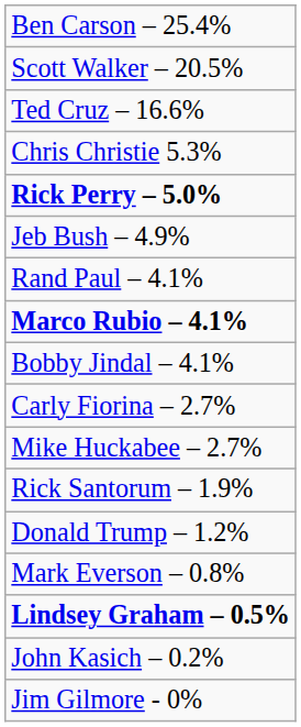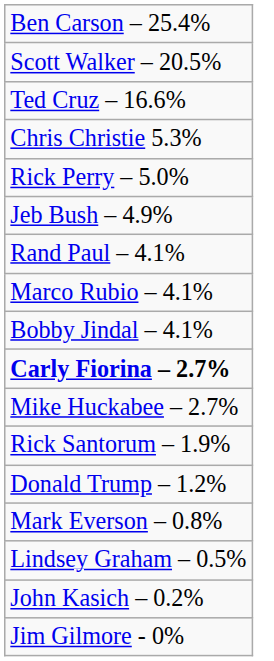 <table class="wikitable sortable">
 <tr>
 <td><a href='#'>Ben Carson</a> – 25.4%</td>
 </tr>
 <tr>
 <td><a href='#'>Scott Walker</a> – 20.5%</td>
 </tr>
 <tr>
 <td><a href='#'>Ted Cruz</a> – 16.6%</td>
 </tr>
 <tr>
 <td><a href='#'>Chris Christie</a> 5.3%</td>
 </tr>
 <tr>
-<td><strong><a href='#'>Rick Perry</a> – 5.0%</strong></td>
+<td><a href='#'>Rick Perry</a> – 5.0%</td>
 </tr>
 <tr>
 <td><a href='#'>Jeb Bush</a> – 4.9%</td>
 </tr>
 <tr>
 <td><a href='#'>Rand Paul</a> – 4.1%</td>
 </tr>
 <tr>
-<td><strong><a href='#'>Marco Rubio</a> – 4.1%</strong></td>
+<td><a href='#'>Marco Rubio</a> – 4.1%</td>
 </tr>
 <tr>
 <td><a href='#'>Bobby Jindal</a> – 4.1%</td>
 </tr>
 <tr>
-<td><a href='#'>Carly Fiorina</a> – 2.7%</td>
+<td><strong><a href='#'>Carly Fiorina</a> – 2.7%</strong></td>
 </tr>
 <tr>
 <td><a href='#'>Mike Huckabee</a> – 2.7%</td>
 </tr>
 <tr>
 <td><a href='#'>Rick Santorum</a> – 1.9%</td>
 </tr>
 <tr>
 <td><a href='#'>Donald Trump</a> – 1.2%</td>
 </tr>
 <tr>
 <td><a href='#'>Mark Everson</a> – 0.8%</td>
 </tr>
 <tr>
-<td><strong><a href='#'>Lindsey Graham</a> – 0.5%</strong></td>
+<td><a href='#'>Lindsey Graham</a> – 0.5%</td>
 </tr>
 <tr>
 <td><a href='#'>John Kasich</a> – 0.2%</td>
 </tr>
 <tr>
 <td><a href='#'>Jim Gilmore</a> - 0%</td>
 </tr>
 </table>
